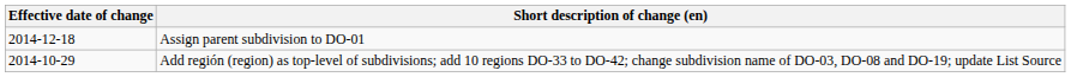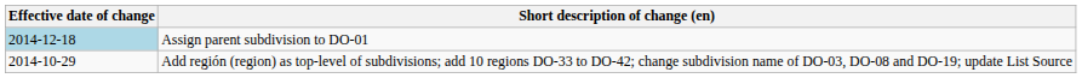 <table class="wikitable">
 <tr>
 <th>Effective date of change</th>
 <th>Short description of change (en)</th>
 </tr>
 <tr>
-<td>2014-12-18</td>
+<td style="background: lightblue;">2014-12-18</td>
 <td>Assign parent subdivision to DO-01</td>
 </tr>
 <tr>
 <td>2014-10-29</td>
 <td>Add región (region) as top-level of subdivisions; add 10 regions DO-33 to DO-42; change subdivision name of DO-03, DO-08 and DO-19; update List Source</td>
 </tr>
 </table>
